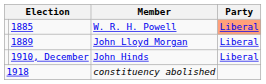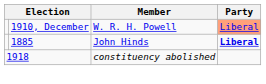 <table class="wikitable">
 <tr>
 <th colspan="2">Election</th>
 <th>Member</th>
 <th>Party</th>
 </tr>
 <tr>
 <td style="color:inherit;background-color: "></td>
-<td><a href='#'>1885</a></td>
+<td><a href='#'>1910, December</a></td>
 <td><a href='#'>W. R. H. Powell</a></td>
 <td style="background: lightsalmon;"><a href='#'>Liberal</a></td>
 </tr>
 <tr>
 <td style="color:inherit;background-color: "></td>
-<td><a href='#'>1889</a></td>
-<td><a href='#'>John Lloyd Morgan</a></td>
-<td><a href='#'>Liberal</a></td>
-</tr>
-<tr>
-<td style="color:inherit;background-color: "></td>
-<td><a href='#'>1910, December</a></td>
+<td><a href='#'>1885</a></td>
 <td><a href='#'>John Hinds</a></td>
-<td><a href='#'>Liberal</a></td>
+<td><strong><a href='#'>Liberal</a></strong></td>
 </tr>
 <tr>
 <td colspan="2"><a href='#'>1918</a></td>
 <td><em>constituency abolished</em></td>
 </tr>
 </table>
